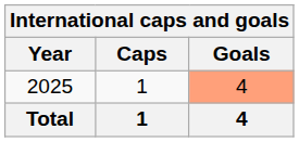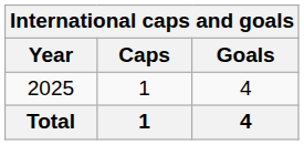 <table class="wikitable sortable" style="text-align:center">
 <tr>
 <th colspan="3">International caps and goals</th>
 </tr>
 <tr>
 <th>Year</th>
 <th>Caps</th>
 <th>Goals</th>
 </tr>
 <tr>
 <td>2025</td>
 <td>1</td>
-<td style="background: lightsalmon;">4</td>
+<td>4</td>
 </tr>
 <tr>
 <th>Total</th>
 <th>1</th>
 <th>4</th>
 </tr>
 </table>
